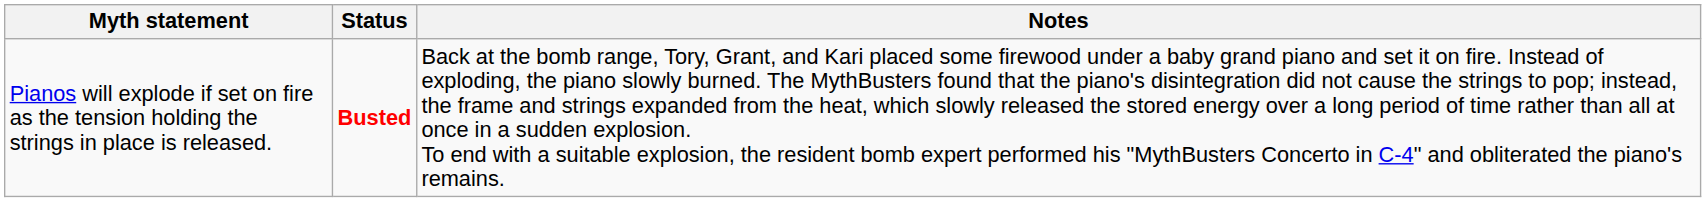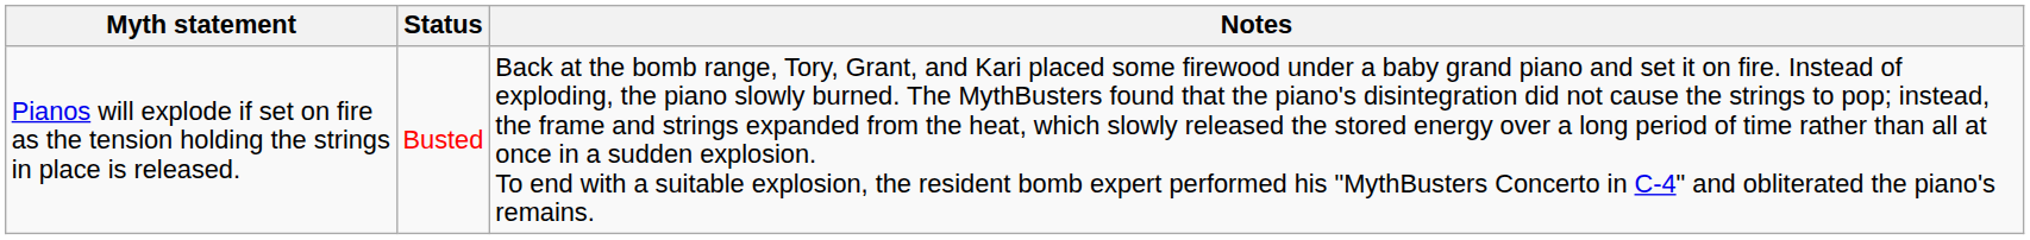 <table class="wikitable plainrowheaders">
 <tr>
 <th>Myth statement</th>
 <th>Status</th>
 <th>Notes</th>
 </tr>
 <tr>
 <td><a href='#'>Pianos</a> will explode if set on fire as the tension holding the strings in place is released.</td>
-<td style="color:red"><strong>Busted</strong></td>
+<td style="color:red">Busted</td>
 <td>Back at the bomb range, Tory, Grant, and Kari placed some firewood under a baby grand piano and set it on fire. Instead of exploding, the piano slowly burned. The MythBusters found that the piano's disintegration did not cause the strings to pop; instead, the frame and strings expanded from the heat, which slowly released the stored energy over a long period of time rather than all at once in a sudden explosion.<br>To end with a suitable explosion, the resident bomb expert performed his "MythBusters Concerto in <a href='#'>C-4</a>" and obliterated the piano's remains.</td>
 </tr>
 </table>
